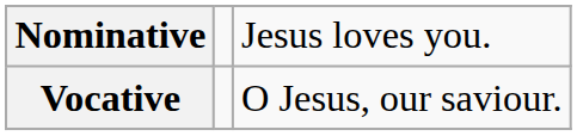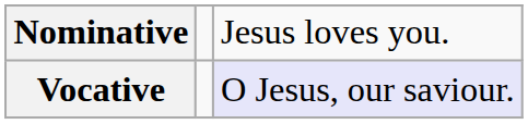 <table class="wikitable">
 <tr>
 <th>Nominative</th>
 <td></td>
 <td>Jesus loves you.</td>
 </tr>
 <tr>
 <th>Vocative</th>
 <td></td>
-<td>O Jesus, our saviour.</td>
+<td style="background: lavender;">O Jesus, our saviour.</td>
 </tr>
 </table>
